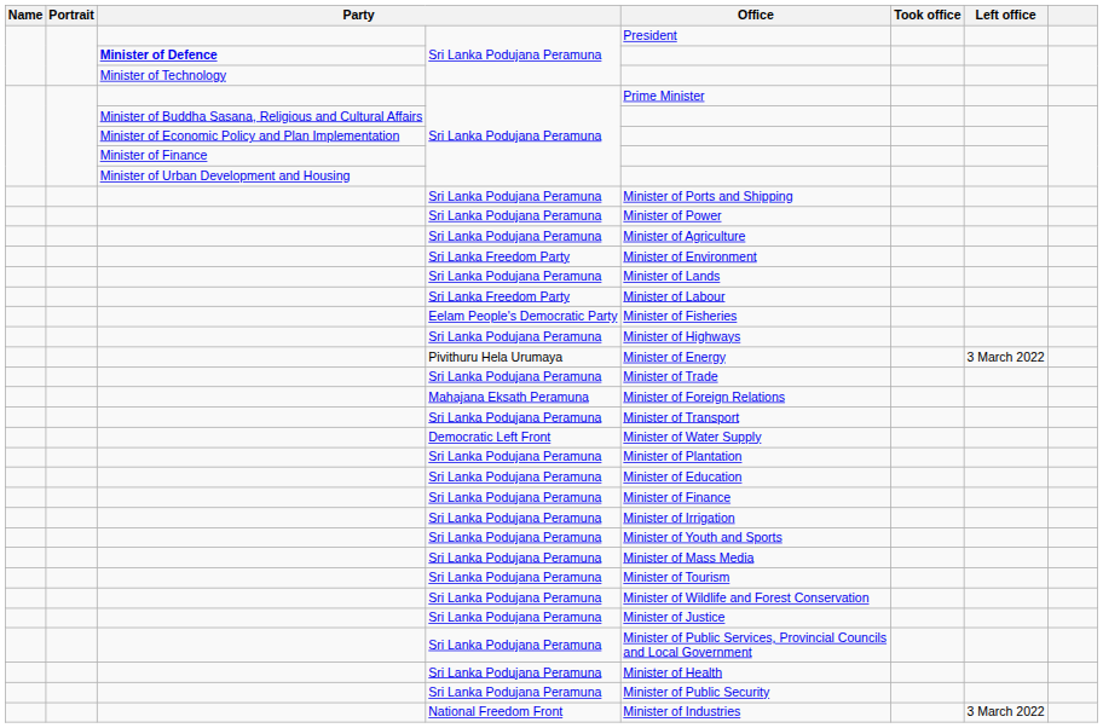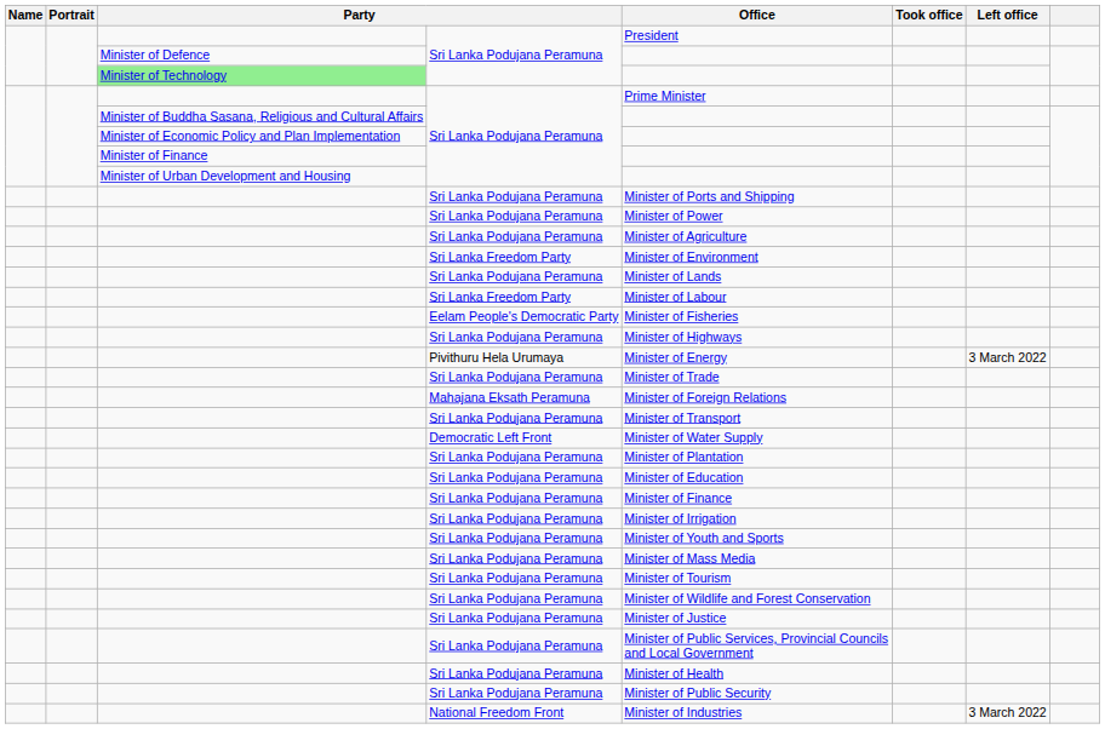 <table class="wikitable plainrowheaders sortable" style="font-size:90%; text-align:left;">
 <tr>
 <th scope=col>Name</th>
 <th scope=col class=unsortable>Portrait</th>
 <th scope=col colspan="2">Party</th>
 <th scope=col width=300px>Office</th>
 <th scope=col>Took office</th>
 <th scope=col>Left office</th>
 <th scope=col width=50px class=unsortable></th>
 </tr>
 <tr>
 <td rowspan=3></td>
 <td align=center rowspan=3></td>
 <td !align="center" style="background:"></td>
 <td rowspan=3><a href='#'>Sri Lanka Podujana Peramuna</a></td>
 <td><a href='#'>President</a></td>
 <td align=center></td>
 <td align=center></td>
 <td align=center></td>
 </tr>
 <tr>
-<td><strong><a href='#'>Minister of Defence</a></strong></td>
+<td><a href='#'>Minister of Defence</a></td>
 <td align=center></td>
 <td align=center></td>
 <td align=center></td>
 </tr>
 <tr>
-<td><a href='#'>Minister of Technology</a></td>
+<td style="background: lightgreen;"><a href='#'>Minister of Technology</a></td>
 <td align=center></td>
 <td align=center></td>
 <td align=center></td>
 </tr>
 <tr>
 <td rowspan=5></td>
 <td align=center rowspan=5></td>
 <td !align="center" style="background:"></td>
 <td rowspan=5><a href='#'>Sri Lanka Podujana Peramuna</a></td>
 <td><a href='#'>Prime Minister</a></td>
 <td align=center></td>
 <td align=center></td>
 <td align=center></td>
 </tr>
 <tr>
 <td><a href='#'>Minister of Buddha Sasana, Religious and Cultural Affairs</a></td>
 <td align=center></td>
 <td align=center></td>
 <td align=center></td>
 </tr>
 <tr>
 <td><a href='#'>Minister of Economic Policy and Plan Implementation</a></td>
 <td align="center"></td>
 <td align=center></td>
 <td align=center></td>
 </tr>
 <tr>
 <td><a href='#'>Minister of Finance</a></td>
 <td align=center></td>
 <td align=center></td>
 <td align=center></td>
 </tr>
 <tr>
 <td><a href='#'>Minister of Urban Development and Housing</a></td>
 <td align=center></td>
 <td align=center></td>
 <td align=center></td>
 </tr>
 <tr>
 <td></td>
 <td align=center></td>
 <td !align="center" style="background:"></td>
 <td><a href='#'>Sri Lanka Podujana Peramuna</a></td>
 <td><a href='#'>Minister of Ports and Shipping</a></td>
 <td align=center></td>
 <td align=center></td>
 <td align=center></td>
 </tr>
 <tr>
 <td></td>
 <td align=center></td>
 <td !align="center" style="background:"></td>
 <td><a href='#'>Sri Lanka Podujana Peramuna</a></td>
 <td><a href='#'>Minister of Power</a></td>
 <td align=center></td>
 <td align=center></td>
 <td align=center></td>
 </tr>
 <tr>
 <td></td>
 <td align=center></td>
 <td !align="center" style="background:"></td>
 <td><a href='#'>Sri Lanka Podujana Peramuna</a></td>
 <td><a href='#'>Minister of Agriculture</a></td>
 <td align=center></td>
 <td align=center></td>
 <td align=center></td>
 </tr>
 <tr>
 <td></td>
 <td align=center></td>
 <td !align="center" style="background:"></td>
 <td><a href='#'>Sri Lanka Freedom Party</a></td>
 <td><a href='#'>Minister of Environment</a></td>
 <td align=center></td>
 <td align=center></td>
 <td align=center></td>
 </tr>
 <tr>
 <td></td>
 <td align=center></td>
 <td !align="center" style="background:"></td>
 <td><a href='#'>Sri Lanka Podujana Peramuna</a></td>
 <td><a href='#'>Minister of Lands</a></td>
 <td align=center></td>
 <td align=center></td>
 <td align=center></td>
 </tr>
 <tr>
 <td></td>
 <td align=center></td>
 <td !align="center" style="background:"></td>
 <td><a href='#'>Sri Lanka Freedom Party</a></td>
 <td><a href='#'>Minister of Labour</a></td>
 <td align=center></td>
 <td align=center></td>
 <td align=center></td>
 </tr>
 <tr>
 <td></td>
 <td align=center></td>
 <td !align="center" style="background:"></td>
 <td><a href='#'>Eelam People's Democratic Party</a></td>
 <td><a href='#'>Minister of Fisheries</a></td>
 <td align=center></td>
 <td align=center></td>
 <td align=center></td>
 </tr>
 <tr>
 <td></td>
 <td align=center></td>
 <td !align="center" style="background:"></td>
 <td><a href='#'>Sri Lanka Podujana Peramuna</a></td>
 <td><a href='#'>Minister of Highways</a></td>
 <td align=center></td>
 <td align=center></td>
 <td align=center></td>
 </tr>
 <tr>
 <td></td>
 <td align=center></td>
 <td></td>
 <td>Pivithuru Hela Urumaya</td>
 <td><a href='#'>Minister of Energy</a></td>
 <td align=center></td>
 <td align=center>3 March 2022</td>
 <td align="center"></td>
 </tr>
 <tr>
 <td></td>
 <td align=center></td>
 <td !align="center" style="background:"></td>
 <td><a href='#'>Sri Lanka Podujana Peramuna</a></td>
 <td><a href='#'>Minister of Trade</a></td>
 <td align="center"></td>
 <td align=center></td>
 <td align=center></td>
 </tr>
 <tr>
 <td></td>
 <td align=center></td>
 <td !align="center" style="background:"></td>
 <td><a href='#'>Mahajana Eksath Peramuna</a></td>
 <td><a href='#'>Minister of Foreign Relations</a></td>
 <td align=center></td>
 <td align=center></td>
 <td align=center></td>
 </tr>
 <tr>
 <td></td>
 <td align=center></td>
 <td !align="center" style="background:"></td>
 <td><a href='#'>Sri Lanka Podujana Peramuna</a></td>
 <td><a href='#'>Minister of Transport</a></td>
 <td align=center></td>
 <td align=center></td>
 <td align=center></td>
 </tr>
 <tr>
 <td></td>
 <td align=center></td>
 <td !align="center" style="background:"></td>
 <td><a href='#'>Democratic Left Front</a></td>
 <td><a href='#'>Minister of Water Supply</a></td>
 <td align=center></td>
 <td align=center></td>
 <td align=center></td>
 </tr>
 <tr>
 <td></td>
 <td align=center></td>
 <td !align="center" style="background:"></td>
 <td><a href='#'>Sri Lanka Podujana Peramuna</a></td>
 <td><a href='#'>Minister of Plantation</a></td>
 <td align=center></td>
 <td align=center></td>
 <td align=center></td>
 </tr>
 <tr>
 <td></td>
 <td align=center></td>
 <td !align="center" style="background:"></td>
 <td><a href='#'>Sri Lanka Podujana Peramuna</a></td>
 <td><a href='#'>Minister of Education</a></td>
 <td align=center></td>
 <td align=center></td>
 <td align=center></td>
 </tr>
 <tr>
 <td></td>
 <td align=center></td>
 <td style="background:"></td>
 <td><a href='#'>Sri Lanka Podujana Peramuna</a></td>
 <td><a href='#'>Minister of Finance</a></td>
 <td align=center></td>
 <td align=center></td>
 <td align=center></td>
 </tr>
 <tr>
 <td></td>
 <td align=center></td>
 <td !align="center" style="background:"></td>
 <td><a href='#'>Sri Lanka Podujana Peramuna</a></td>
 <td><a href='#'>Minister of Irrigation</a></td>
 <td align=center></td>
 <td align=center></td>
 <td align=center></td>
 </tr>
 <tr>
 <td></td>
 <td align=center></td>
 <td !align="center" style="background:"></td>
 <td><a href='#'>Sri Lanka Podujana Peramuna</a></td>
 <td><a href='#'>Minister of Youth and Sports</a></td>
 <td align=center></td>
 <td align=center></td>
 <td align=center></td>
 </tr>
 <tr>
 <td></td>
 <td align=center></td>
 <td !align="center" style="background:"></td>
 <td><a href='#'>Sri Lanka Podujana Peramuna</a></td>
 <td><a href='#'>Minister of Mass Media</a></td>
 <td align=center></td>
 <td align=center></td>
 <td align=center></td>
 </tr>
 <tr>
 <td></td>
 <td align=center></td>
 <td !align="center" style="background:"></td>
 <td><a href='#'>Sri Lanka Podujana Peramuna</a></td>
 <td><a href='#'>Minister of Tourism</a></td>
 <td align=center></td>
 <td align=center></td>
 <td align=center></td>
 </tr>
 <tr>
 <td></td>
 <td align=center></td>
 <td !align="center" style="background:"></td>
 <td><a href='#'>Sri Lanka Podujana Peramuna</a></td>
 <td><a href='#'>Minister of Wildlife and Forest Conservation</a></td>
 <td align=center></td>
 <td align=center></td>
 <td align=center></td>
 </tr>
 <tr>
 <td></td>
 <td align=center></td>
 <td !align="center" style="background:"></td>
 <td><a href='#'>Sri Lanka Podujana Peramuna</a></td>
 <td><a href='#'>Minister of Justice</a></td>
 <td align=center></td>
 <td align=center></td>
 <td align=center></td>
 </tr>
 <tr>
 <td></td>
 <td align=center></td>
 <td !align="center" style="background:"></td>
 <td><a href='#'>Sri Lanka Podujana Peramuna</a></td>
 <td><a href='#'>Minister of Public Services, Provincial Councils and Local Government</a></td>
 <td align=center></td>
 <td align=center></td>
 <td align=center></td>
 </tr>
 <tr>
 <td></td>
 <td align=center></td>
 <td !align="center" style="background:"></td>
 <td><a href='#'>Sri Lanka Podujana Peramuna</a></td>
 <td><a href='#'>Minister of Health</a></td>
 <td align=center></td>
 <td align=center></td>
 <td align=center></td>
 </tr>
 <tr>
 <td></td>
 <td align=center></td>
 <td !align="center" style="background:"></td>
 <td><a href='#'>Sri Lanka Podujana Peramuna</a></td>
 <td><a href='#'>Minister of Public Security</a></td>
 <td align=center></td>
 <td align=center></td>
 <td align=center></td>
 </tr>
 <tr>
 <td></td>
 <td align=center></td>
 <td !align="center" style="background:"></td>
 <td><a href='#'>National Freedom Front</a></td>
 <td><a href='#'>Minister of Industries</a></td>
 <td align=center></td>
 <td align=center>3 March 2022</td>
 <td align="center"></td>
 </tr>
 </table>
